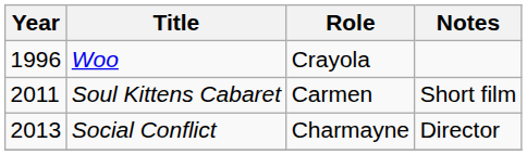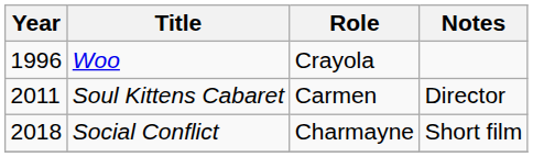 <table class="wikitable sortable">
 <tr>
 <th>Year</th>
 <th>Title</th>
 <th>Role</th>
 <th>Notes</th>
 </tr>
 <tr>
 <td>1996</td>
 <td><em><a href='#'>Woo</a></em></td>
 <td>Crayola</td>
 <td></td>
 </tr>
 <tr>
 <td>2011</td>
 <td><em>Soul Kittens Cabaret</em></td>
 <td>Carmen</td>
-<td>Short film</td>
+<td>Director</td>
 </tr>
 <tr>
-<td>2013</td>
+<td>2018</td>
 <td><em>Social Conflict</em></td>
 <td>Charmayne</td>
-<td>Director</td>
+<td>Short film</td>
 </tr>
 <tr>
 </tr>
 </table>
